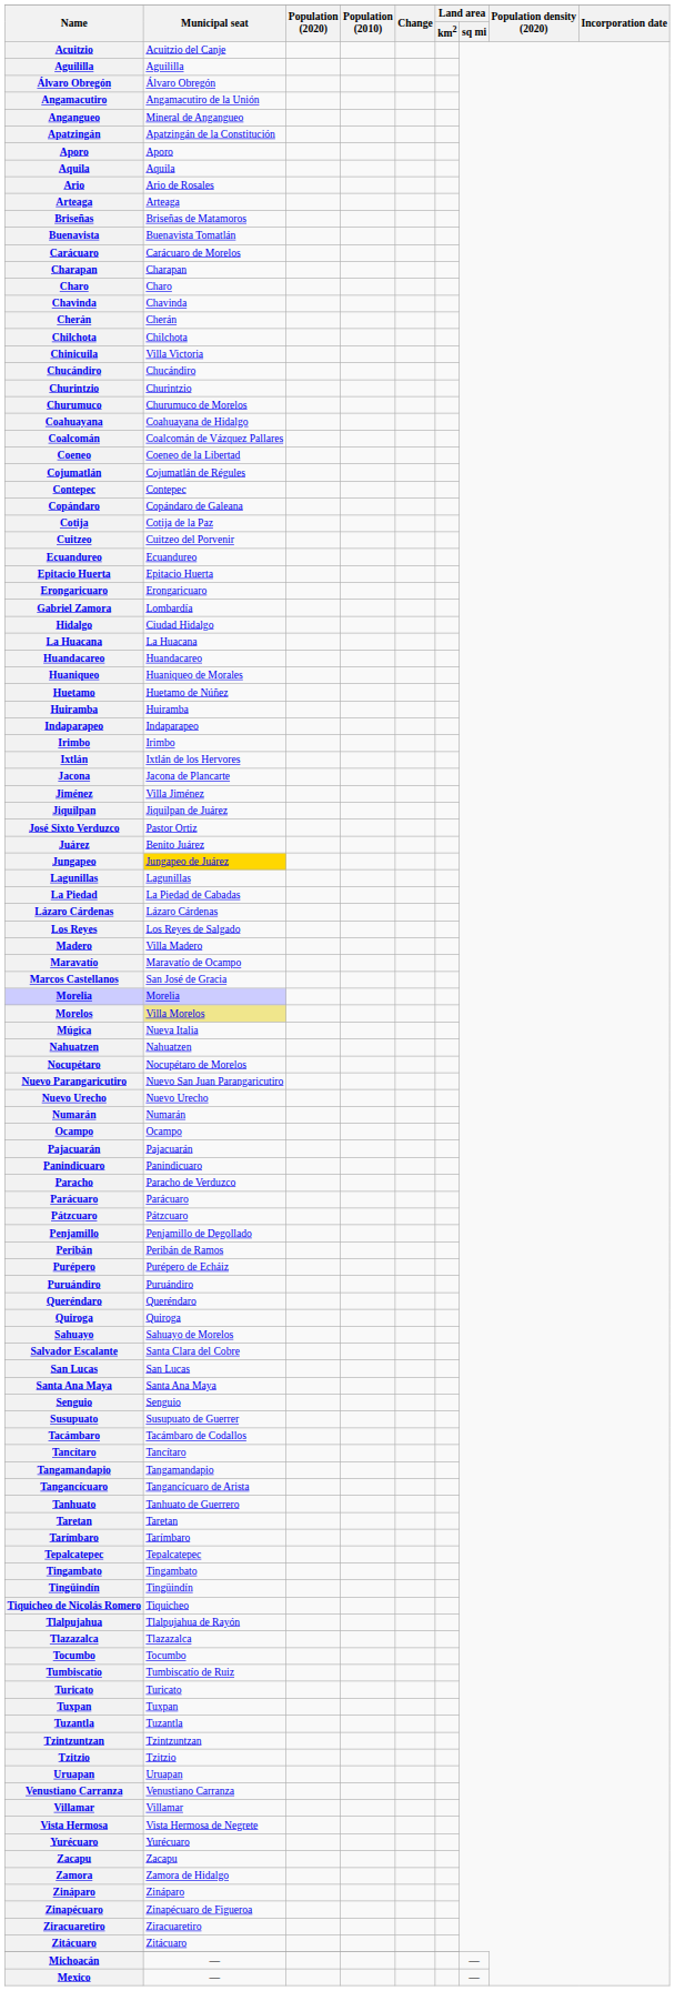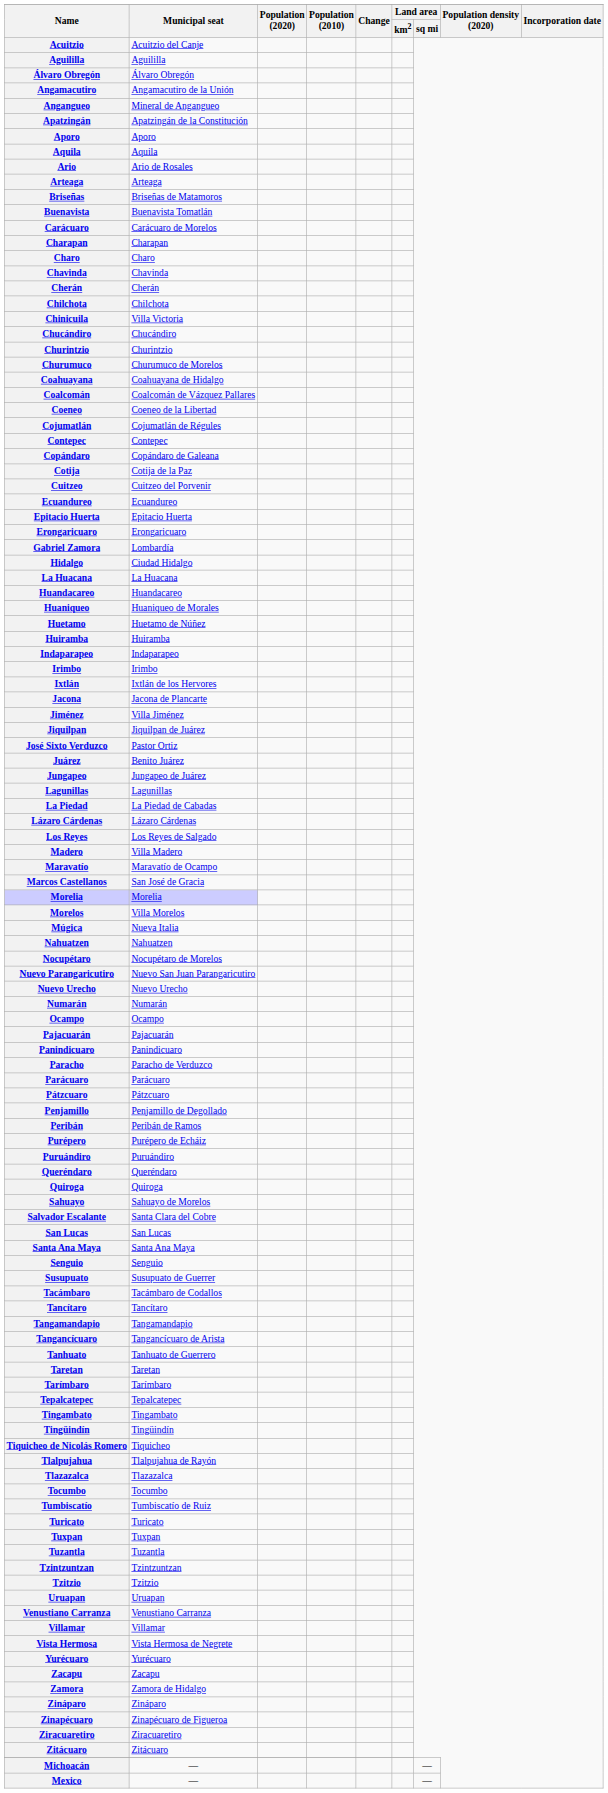 <table class="wikitable sortable" style="text-align:right;">
 <tr>
 </tr>
 <tr>
 <th scope="col"  rowspan=2>Name</th>
 <th scope="col"  rowspan=2>Municipal seat</th>
 <th scope="col"  rowspan=2>Population<br>(2020)</th>
 <th scope="col"  rowspan=2>Population<br>(2010)</th>
 <th scope="col"  rowspan=2>Change</th>
 <th scope="col" data-sort-type="number"  colspan=2>Land area</th>
 <th scope="col" data-sort-type="number"  rowspan=2>Population density<br>(2020)</th>
 <th scope="col"  rowspan=2>Incorporation date</th>
 </tr>
 <tr>
 <th scope="col">km<sup>2</sup></th>
 <th scope="col">sq mi</th>
 </tr>
 <tr>
 <th scope="row" align="left"><a href='#'>Acuitzio</a></th>
 <td align=left><a href='#'>Acuitzio del Canje</a></td>
 <td></td>
 <td></td>
 <td></td>
 <td></td>
 </tr>
 <tr>
 <th scope="row" align="left"><a href='#'>Aguililla</a></th>
 <td align=left><a href='#'>Aguililla</a></td>
 <td></td>
 <td></td>
 <td></td>
 <td></td>
 </tr>
 <tr>
 <th scope="row" align="left"><a href='#'>Álvaro Obregón</a></th>
 <td align=left><a href='#'>Álvaro Obregón</a></td>
 <td></td>
 <td></td>
 <td></td>
 <td></td>
 </tr>
 <tr>
 <th scope="row" align="left"><a href='#'>Angamacutiro</a></th>
 <td align=left><a href='#'>Angamacutiro de la Unión</a></td>
 <td></td>
 <td></td>
 <td></td>
 <td></td>
 </tr>
 <tr>
 <th scope="row" align="left"><a href='#'>Angangueo</a></th>
 <td align=left><a href='#'>Mineral de Angangueo</a></td>
 <td></td>
 <td></td>
 <td></td>
 <td></td>
 </tr>
 <tr>
 <th scope="row" align="left"><a href='#'>Apatzingán</a></th>
 <td align=left><a href='#'>Apatzingán de la Constitución</a></td>
 <td></td>
 <td></td>
 <td></td>
 <td></td>
 </tr>
 <tr>
 <th scope="row" align="left"><a href='#'>Aporo</a></th>
 <td align=left><a href='#'>Aporo</a></td>
 <td></td>
 <td></td>
 <td></td>
 <td></td>
 </tr>
 <tr>
 <th scope="row" align="left"><a href='#'>Aquila</a></th>
 <td align=left><a href='#'>Aquila</a></td>
 <td></td>
 <td></td>
 <td></td>
 <td></td>
 </tr>
 <tr>
 <th scope="row" align="left"><a href='#'>Ario</a></th>
 <td align=left><a href='#'>Ario de Rosales</a></td>
 <td></td>
 <td></td>
 <td></td>
 <td></td>
 </tr>
 <tr>
 <th scope="row" align="left"><a href='#'>Arteaga</a></th>
 <td align=left><a href='#'>Arteaga</a></td>
 <td></td>
 <td></td>
 <td></td>
 <td></td>
 </tr>
 <tr>
 <th scope="row" align="left"><a href='#'>Briseñas</a></th>
 <td align=left><a href='#'>Briseñas de Matamoros</a></td>
 <td></td>
 <td></td>
 <td></td>
 <td></td>
 </tr>
 <tr>
 <th scope="row" align="left"><a href='#'>Buenavista</a></th>
 <td align=left><a href='#'>Buenavista Tomatlán</a></td>
 <td></td>
 <td></td>
 <td></td>
 <td></td>
 </tr>
 <tr>
 <th scope="row" align="left"><a href='#'>Carácuaro</a></th>
 <td align=left><a href='#'>Carácuaro de Morelos</a></td>
 <td></td>
 <td></td>
 <td></td>
 <td></td>
 </tr>
 <tr>
 <th scope="row" align="left"><a href='#'>Charapan</a></th>
 <td align=left><a href='#'>Charapan</a></td>
 <td></td>
 <td></td>
 <td></td>
 <td></td>
 </tr>
 <tr>
 <th scope="row" align="left"><a href='#'>Charo</a></th>
 <td align=left><a href='#'>Charo</a></td>
 <td></td>
 <td></td>
 <td></td>
 <td></td>
 </tr>
 <tr>
 <th scope="row" align="left"><a href='#'>Chavinda</a></th>
 <td align=left><a href='#'>Chavinda</a></td>
 <td></td>
 <td></td>
 <td></td>
 <td></td>
 </tr>
 <tr>
 <th scope="row" align="left"><a href='#'>Cherán</a></th>
 <td align=left><a href='#'>Cherán</a></td>
 <td></td>
 <td></td>
 <td></td>
 <td></td>
 </tr>
 <tr>
 <th scope="row" align="left"><a href='#'>Chilchota</a></th>
 <td align=left><a href='#'>Chilchota</a></td>
 <td></td>
 <td></td>
 <td></td>
 <td></td>
 </tr>
 <tr>
 <th scope="row" align="left"><a href='#'>Chinicuila</a></th>
 <td align=left><a href='#'>Villa Victoria</a></td>
 <td></td>
 <td></td>
 <td></td>
 <td></td>
 </tr>
 <tr>
 <th scope="row" align="left"><a href='#'>Chucándiro</a></th>
 <td align=left><a href='#'>Chucándiro</a></td>
 <td></td>
 <td></td>
 <td></td>
 <td></td>
 </tr>
 <tr>
 <th scope="row" align="left"><a href='#'>Churintzio</a></th>
 <td align=left><a href='#'>Churintzio</a></td>
 <td></td>
 <td></td>
 <td></td>
 <td></td>
 </tr>
 <tr>
 <th scope="row" align="left"><a href='#'>Churumuco</a></th>
 <td align=left><a href='#'>Churumuco de Morelos</a></td>
 <td></td>
 <td></td>
 <td></td>
 <td></td>
 </tr>
 <tr>
 <th scope="row" align="left"><a href='#'>Coahuayana</a></th>
 <td align=left><a href='#'>Coahuayana de Hidalgo</a></td>
 <td></td>
 <td></td>
 <td></td>
 <td></td>
 </tr>
 <tr>
 <th scope="row" align="left"><a href='#'>Coalcomán</a></th>
 <td align=left><a href='#'>Coalcomán de Vázquez Pallares</a></td>
 <td></td>
 <td></td>
 <td></td>
 <td></td>
 </tr>
 <tr>
 <th scope="row" align="left"><a href='#'>Coeneo</a></th>
 <td align=left><a href='#'>Coeneo de la Libertad</a></td>
 <td></td>
 <td></td>
 <td></td>
 <td></td>
 </tr>
 <tr>
 <th scope="row" align="left"><a href='#'>Cojumatlán</a></th>
 <td align=left><a href='#'>Cojumatlán de Régules</a></td>
 <td></td>
 <td></td>
 <td></td>
 <td></td>
 </tr>
 <tr>
 <th scope="row" align="left"><a href='#'>Contepec</a></th>
 <td align=left><a href='#'>Contepec</a></td>
 <td></td>
 <td></td>
 <td></td>
 <td></td>
 </tr>
 <tr>
 <th scope="row" align="left"><a href='#'>Copándaro</a></th>
 <td align=left><a href='#'>Copándaro de Galeana</a></td>
 <td></td>
 <td></td>
 <td></td>
 <td></td>
 </tr>
 <tr>
 <th scope="row" align="left"><a href='#'>Cotija</a></th>
 <td align=left><a href='#'>Cotija de la Paz</a></td>
 <td></td>
 <td></td>
 <td></td>
 <td></td>
 </tr>
 <tr>
 <th scope="row" align="left"><a href='#'>Cuitzeo</a></th>
 <td align=left><a href='#'>Cuitzeo del Porvenir</a></td>
 <td></td>
 <td></td>
 <td></td>
 <td></td>
 </tr>
 <tr>
 <th scope="row" align="left"><a href='#'>Ecuandureo</a></th>
 <td align=left><a href='#'>Ecuandureo</a></td>
 <td></td>
 <td></td>
 <td></td>
 <td></td>
 </tr>
 <tr>
 <th scope="row" align="left"><a href='#'>Epitacio Huerta</a></th>
 <td align=left><a href='#'>Epitacio Huerta</a></td>
 <td></td>
 <td></td>
 <td></td>
 <td></td>
 </tr>
 <tr>
 <th scope="row" align="left"><a href='#'>Erongaricuaro</a></th>
 <td align=left><a href='#'>Erongaricuaro</a></td>
 <td></td>
 <td></td>
 <td></td>
 <td></td>
 </tr>
 <tr>
 <th scope="row" align="left"><a href='#'>Gabriel Zamora</a></th>
 <td align=left><a href='#'>Lombardía</a></td>
 <td></td>
 <td></td>
 <td></td>
 <td></td>
 </tr>
 <tr>
 <th scope="row" align="left"><a href='#'>Hidalgo</a></th>
 <td align=left><a href='#'>Ciudad Hidalgo</a></td>
 <td></td>
 <td></td>
 <td></td>
 <td></td>
 </tr>
 <tr>
 <th scope="row" align="left"><a href='#'>La Huacana</a></th>
 <td align=left><a href='#'>La Huacana</a></td>
 <td></td>
 <td></td>
 <td></td>
 <td></td>
 </tr>
 <tr>
 <th scope="row" align="left"><a href='#'>Huandacareo</a></th>
 <td align=left><a href='#'>Huandacareo</a></td>
 <td></td>
 <td></td>
 <td></td>
 <td></td>
 </tr>
 <tr>
 <th scope="row" align="left"><a href='#'>Huaniqueo</a></th>
 <td align=left><a href='#'>Huaniqueo de Morales</a></td>
 <td></td>
 <td></td>
 <td></td>
 <td></td>
 </tr>
 <tr>
 <th scope="row" align="left"><a href='#'>Huetamo</a></th>
 <td align=left><a href='#'>Huetamo de Núñez</a></td>
 <td></td>
 <td></td>
 <td></td>
 <td></td>
 </tr>
 <tr>
 <th scope="row" align="left"><a href='#'>Huiramba</a></th>
 <td align=left><a href='#'>Huiramba</a></td>
 <td></td>
 <td></td>
 <td></td>
 <td></td>
 </tr>
 <tr>
 <th scope="row" align="left"><a href='#'>Indaparapeo</a></th>
 <td align=left><a href='#'>Indaparapeo</a></td>
 <td></td>
 <td></td>
 <td></td>
 <td></td>
 </tr>
 <tr>
 <th scope="row" align="left"><a href='#'>Irimbo</a></th>
 <td align=left><a href='#'>Irimbo</a></td>
 <td></td>
 <td></td>
 <td></td>
 <td></td>
 </tr>
 <tr>
 <th scope="row" align="left"><a href='#'>Ixtlán</a></th>
 <td align=left><a href='#'>Ixtlán de los Hervores</a></td>
 <td></td>
 <td></td>
 <td></td>
 <td></td>
 </tr>
 <tr>
 <th scope="row" align="left"><a href='#'>Jacona</a></th>
 <td align=left><a href='#'>Jacona de Plancarte</a></td>
 <td></td>
 <td></td>
 <td></td>
 <td></td>
 </tr>
 <tr>
 <th scope="row" align="left"><a href='#'>Jiménez</a></th>
 <td align=left><a href='#'>Villa Jiménez</a></td>
 <td></td>
 <td></td>
 <td></td>
 <td></td>
 </tr>
 <tr>
 <th scope="row" align="left"><a href='#'>Jiquilpan</a></th>
 <td align=left><a href='#'>Jiquilpan de Juárez</a></td>
 <td></td>
 <td></td>
 <td></td>
 <td></td>
 </tr>
 <tr>
 <th scope="row" align="left"><a href='#'>José Sixto Verduzco</a></th>
 <td align=left><a href='#'>Pastor Ortiz</a></td>
 <td></td>
 <td></td>
 <td></td>
 <td></td>
 </tr>
 <tr>
 <th scope="row" align="left"><a href='#'>Juárez</a></th>
 <td align=left><a href='#'>Benito Juárez</a></td>
 <td></td>
 <td></td>
 <td></td>
 <td></td>
 </tr>
 <tr>
 <th scope="row" align="left"><a href='#'>Jungapeo</a></th>
-<td align=left style="background: gold;"><a href='#'>Jungapeo de Juárez</a></td>
+<td align=left><a href='#'>Jungapeo de Juárez</a></td>
 <td></td>
 <td></td>
 <td></td>
 <td></td>
 </tr>
 <tr>
 <th scope="row" align="left"><a href='#'>Lagunillas</a></th>
 <td align=left><a href='#'>Lagunillas</a></td>
 <td></td>
 <td></td>
 <td></td>
 <td></td>
 </tr>
 <tr>
 <th scope="row" align="left"><a href='#'>La Piedad</a></th>
 <td align=left><a href='#'>La Piedad de Cabadas</a></td>
 <td></td>
 <td></td>
 <td></td>
 <td></td>
 </tr>
 <tr>
 <th scope="row" align="left"><a href='#'>Lázaro Cárdenas</a></th>
 <td align=left><a href='#'>Lázaro Cárdenas</a></td>
 <td></td>
 <td></td>
 <td></td>
 <td></td>
 </tr>
 <tr>
 <th scope="row" align="left"><a href='#'>Los Reyes</a></th>
 <td align=left><a href='#'>Los Reyes de Salgado</a></td>
 <td></td>
 <td></td>
 <td></td>
 <td></td>
 </tr>
 <tr>
 <th scope="row" align="left"><a href='#'>Madero</a></th>
 <td align=left><a href='#'>Villa Madero</a></td>
 <td></td>
 <td></td>
 <td></td>
 <td></td>
 </tr>
 <tr>
 <th scope="row" align="left"><a href='#'>Maravatío</a></th>
 <td align=left><a href='#'>Maravatío de Ocampo</a></td>
 <td></td>
 <td></td>
 <td></td>
 <td></td>
 </tr>
 <tr>
 <th scope="row" align="left"><a href='#'>Marcos Castellanos</a></th>
 <td align=left><a href='#'>San José de Gracia</a></td>
 <td></td>
 <td></td>
 <td></td>
 <td></td>
 </tr>
 <tr>
 <th scope="row" align="left" style="background:#CCF;"><a href='#'>Morelia</a></th>
 <td align=left style="background:#CCF;"><a href='#'>Morelia</a></td>
 <td></td>
 <td></td>
 <td></td>
 <td></td>
 </tr>
 <tr>
 <th scope="row" align="left"><a href='#'>Morelos</a></th>
-<td align=left style="background: khaki;"><a href='#'>Villa Morelos</a></td>
+<td align=left><a href='#'>Villa Morelos</a></td>
 <td></td>
 <td></td>
 <td></td>
 <td></td>
 </tr>
 <tr>
 <th scope="row" align="left"><a href='#'>Múgica</a></th>
 <td align=left><a href='#'>Nueva Italia</a></td>
 <td></td>
 <td></td>
 <td></td>
 <td></td>
 </tr>
 <tr>
 <th scope="row" align="left"><a href='#'>Nahuatzen</a></th>
 <td align=left><a href='#'>Nahuatzen</a></td>
 <td></td>
 <td></td>
 <td></td>
 <td></td>
 </tr>
 <tr>
 <th scope="row" align="left"><a href='#'>Nocupétaro</a></th>
 <td align=left><a href='#'>Nocupétaro de Morelos</a></td>
 <td></td>
 <td></td>
 <td></td>
 <td></td>
 </tr>
 <tr>
 <th scope="row" align="left"><a href='#'>Nuevo Parangaricutiro</a></th>
 <td align=left><a href='#'>Nuevo San Juan Parangaricutiro</a></td>
 <td></td>
 <td></td>
 <td></td>
 <td></td>
 </tr>
 <tr>
 <th scope="row" align="left"><a href='#'>Nuevo Urecho</a></th>
 <td align=left><a href='#'>Nuevo Urecho</a></td>
 <td></td>
 <td></td>
 <td></td>
 <td></td>
 </tr>
 <tr>
 <th scope="row" align="left"><a href='#'>Numarán</a></th>
 <td align=left><a href='#'>Numarán</a></td>
 <td></td>
 <td></td>
 <td></td>
 <td></td>
 </tr>
 <tr>
 <th scope="row" align="left"><a href='#'>Ocampo</a></th>
 <td align=left><a href='#'>Ocampo</a></td>
 <td></td>
 <td></td>
 <td></td>
 <td></td>
 </tr>
 <tr>
 <th scope="row" align="left"><a href='#'>Pajacuarán</a></th>
 <td align=left><a href='#'>Pajacuarán</a></td>
 <td></td>
 <td></td>
 <td></td>
 <td></td>
 </tr>
 <tr>
 <th scope="row" align="left"><a href='#'>Panindicuaro</a></th>
 <td align=left><a href='#'>Panindicuaro</a></td>
 <td></td>
 <td></td>
 <td></td>
 <td></td>
 </tr>
 <tr>
 <th scope="row" align="left"><a href='#'>Paracho</a></th>
 <td align=left><a href='#'>Paracho de Verduzco</a></td>
 <td></td>
 <td></td>
 <td></td>
 <td></td>
 </tr>
 <tr>
 <th scope="row" align="left"><a href='#'>Parácuaro</a></th>
 <td align=left><a href='#'>Parácuaro</a></td>
 <td></td>
 <td></td>
 <td></td>
 <td></td>
 </tr>
 <tr>
 <th scope="row" align="left"><a href='#'>Pátzcuaro</a></th>
 <td align=left><a href='#'>Pátzcuaro</a></td>
 <td></td>
 <td></td>
 <td></td>
 <td></td>
 </tr>
 <tr>
 <th scope="row" align="left"><a href='#'>Penjamillo</a></th>
 <td align=left><a href='#'>Penjamillo de Degollado</a></td>
 <td></td>
 <td></td>
 <td></td>
 <td></td>
 </tr>
 <tr>
 <th scope="row" align="left"><a href='#'>Peribán</a></th>
 <td align=left><a href='#'>Peribán de Ramos</a></td>
 <td></td>
 <td></td>
 <td></td>
 <td></td>
 </tr>
 <tr>
 <th scope="row" align="left"><a href='#'>Purépero</a></th>
 <td align=left><a href='#'>Purépero de Echáiz</a></td>
 <td></td>
 <td></td>
 <td></td>
 <td></td>
 </tr>
 <tr>
 <th scope="row" align="left"><a href='#'>Puruándiro</a></th>
 <td align=left><a href='#'>Puruándiro</a></td>
 <td></td>
 <td></td>
 <td></td>
 <td></td>
 </tr>
 <tr>
 <th scope="row" align="left"><a href='#'>Queréndaro</a></th>
 <td align=left><a href='#'>Queréndaro</a></td>
 <td></td>
 <td></td>
 <td></td>
 <td></td>
 </tr>
 <tr>
 <th scope="row" align="left"><a href='#'>Quiroga</a></th>
 <td align=left><a href='#'>Quiroga</a></td>
 <td></td>
 <td></td>
 <td></td>
 <td></td>
 </tr>
 <tr>
 <th scope="row" align="left"><a href='#'>Sahuayo</a></th>
 <td align=left><a href='#'>Sahuayo de Morelos</a></td>
 <td></td>
 <td></td>
 <td></td>
 <td></td>
 </tr>
 <tr>
 <th scope="row" align="left"><a href='#'>Salvador Escalante</a></th>
 <td align=left><a href='#'>Santa Clara del Cobre</a></td>
 <td></td>
 <td></td>
 <td></td>
 <td></td>
 </tr>
 <tr>
 <th scope="row" align="left"><a href='#'>San Lucas</a></th>
 <td align=left><a href='#'>San Lucas</a></td>
 <td></td>
 <td></td>
 <td></td>
 <td></td>
 </tr>
 <tr>
 <th scope="row" align="left"><a href='#'>Santa Ana Maya</a></th>
 <td align=left><a href='#'>Santa Ana Maya</a></td>
 <td></td>
 <td></td>
 <td></td>
 <td></td>
 </tr>
 <tr>
 <th scope="row" align="left"><a href='#'>Senguio</a></th>
 <td align=left><a href='#'>Senguio</a></td>
 <td></td>
 <td></td>
 <td></td>
 <td></td>
 </tr>
 <tr>
 <th scope="row" align="left"><a href='#'>Susupuato</a></th>
 <td align=left><a href='#'>Susupuato de Guerrer</a></td>
 <td></td>
 <td></td>
 <td></td>
 <td></td>
 </tr>
 <tr>
 <th scope="row" align="left"><a href='#'>Tacámbaro</a></th>
 <td align=left><a href='#'>Tacámbaro de Codallos</a></td>
 <td></td>
 <td></td>
 <td></td>
 <td></td>
 </tr>
 <tr>
 <th scope="row" align="left"><a href='#'>Tancítaro</a></th>
 <td align=left><a href='#'>Tancítaro</a></td>
 <td></td>
 <td></td>
 <td></td>
 <td></td>
 </tr>
 <tr>
 <th scope="row" align="left"><a href='#'>Tangamandapio</a></th>
 <td align=left><a href='#'>Tangamandapio</a></td>
 <td></td>
 <td></td>
 <td></td>
 <td></td>
 </tr>
 <tr>
 <th scope="row" align="left"><a href='#'>Tangancícuaro</a></th>
 <td align=left><a href='#'>Tangancícuaro de Arista</a></td>
 <td></td>
 <td></td>
 <td></td>
 <td></td>
 </tr>
 <tr>
 <th scope="row" align="left"><a href='#'>Tanhuato</a></th>
 <td align=left><a href='#'>Tanhuato de Guerrero</a></td>
 <td></td>
 <td></td>
 <td></td>
 <td></td>
 </tr>
 <tr>
 <th scope="row" align="left"><a href='#'>Taretan</a></th>
 <td align=left><a href='#'>Taretan</a></td>
 <td></td>
 <td></td>
 <td></td>
 <td></td>
 </tr>
 <tr>
 <th scope="row" align="left"><a href='#'>Tarímbaro</a></th>
 <td align=left><a href='#'>Tarímbaro</a></td>
 <td></td>
 <td></td>
 <td></td>
 <td></td>
 </tr>
 <tr>
 <th scope="row" align="left"><a href='#'>Tepalcatepec</a></th>
 <td align=left><a href='#'>Tepalcatepec</a></td>
 <td></td>
 <td></td>
 <td></td>
 <td></td>
 </tr>
 <tr>
 <th scope="row" align="left"><a href='#'>Tingambato</a></th>
 <td align=left><a href='#'>Tingambato</a></td>
 <td></td>
 <td></td>
 <td></td>
 <td></td>
 </tr>
 <tr>
 <th scope="row" align="left"><a href='#'>Tingüindín</a></th>
 <td align=left><a href='#'>Tingüindín</a></td>
 <td></td>
 <td></td>
 <td></td>
 <td></td>
 </tr>
 <tr>
 <th scope="row" align="left"><a href='#'>Tiquicheo de Nicolás Romero</a></th>
 <td align=left><a href='#'>Tiquicheo</a></td>
 <td></td>
 <td></td>
 <td></td>
 <td></td>
 </tr>
 <tr>
 <th scope="row" align="left"><a href='#'>Tlalpujahua</a></th>
 <td align=left><a href='#'>Tlalpujahua de Rayón</a></td>
 <td></td>
 <td></td>
 <td></td>
 <td></td>
 </tr>
 <tr>
 <th scope="row" align="left"><a href='#'>Tlazazalca</a></th>
 <td align=left><a href='#'>Tlazazalca</a></td>
 <td></td>
 <td></td>
 <td></td>
 <td></td>
 </tr>
 <tr>
 <th scope="row" align="left"><a href='#'>Tocumbo</a></th>
 <td align=left><a href='#'>Tocumbo</a></td>
 <td></td>
 <td></td>
 <td></td>
 <td></td>
 </tr>
 <tr>
 <th scope="row" align="left"><a href='#'>Tumbiscatío</a></th>
 <td align=left><a href='#'>Tumbiscatío de Ruiz</a></td>
 <td></td>
 <td></td>
 <td></td>
 <td></td>
 </tr>
 <tr>
 <th scope="row" align="left"><a href='#'>Turicato</a></th>
 <td align=left><a href='#'>Turicato</a></td>
 <td></td>
 <td></td>
 <td></td>
 <td></td>
 </tr>
 <tr>
 <th scope="row" align="left"><a href='#'>Tuxpan</a></th>
 <td align=left><a href='#'>Tuxpan</a></td>
 <td></td>
 <td></td>
 <td></td>
 <td></td>
 </tr>
 <tr>
 <th scope="row" align="left"><a href='#'>Tuzantla</a></th>
 <td align=left><a href='#'>Tuzantla</a></td>
 <td></td>
 <td></td>
 <td></td>
 <td></td>
 </tr>
 <tr>
 <th scope="row" align="left"><a href='#'>Tzintzuntzan</a></th>
 <td align=left><a href='#'>Tzintzuntzan</a></td>
 <td></td>
 <td></td>
 <td></td>
 <td></td>
 </tr>
 <tr>
 <th scope="row" align="left"><a href='#'>Tzitzio</a></th>
 <td align=left><a href='#'>Tzitzio</a></td>
 <td></td>
 <td></td>
 <td></td>
 <td></td>
 </tr>
 <tr>
 <th scope="row" align="left"><a href='#'>Uruapan</a></th>
 <td align=left><a href='#'>Uruapan</a></td>
 <td></td>
 <td></td>
 <td></td>
 <td></td>
 </tr>
 <tr>
 <th scope="row" align="left"><a href='#'>Venustiano Carranza</a></th>
 <td align=left><a href='#'>Venustiano Carranza</a></td>
 <td></td>
 <td></td>
 <td></td>
 <td></td>
 </tr>
 <tr>
 <th scope="row" align="left"><a href='#'>Villamar</a></th>
 <td align=left><a href='#'>Villamar</a></td>
 <td></td>
 <td></td>
 <td></td>
 <td></td>
 </tr>
 <tr>
 <th scope="row" align="left"><a href='#'>Vista Hermosa</a></th>
 <td align=left><a href='#'>Vista Hermosa de Negrete</a></td>
 <td></td>
 <td></td>
 <td></td>
 <td></td>
 </tr>
 <tr>
 <th scope="row" align="left"><a href='#'>Yurécuaro</a></th>
 <td align=left><a href='#'>Yurécuaro</a></td>
 <td></td>
 <td></td>
 <td></td>
 <td></td>
 </tr>
 <tr>
 <th scope="row" align="left"><a href='#'>Zacapu</a></th>
 <td align=left><a href='#'>Zacapu</a></td>
 <td></td>
 <td></td>
 <td></td>
 <td></td>
 </tr>
 <tr>
 <th scope="row" align="left"><a href='#'>Zamora</a></th>
 <td align=left><a href='#'>Zamora de Hidalgo</a></td>
 <td></td>
 <td></td>
 <td></td>
 <td></td>
 </tr>
 <tr>
 <th scope="row" align="left"><a href='#'>Zináparo</a></th>
 <td align=left><a href='#'>Zináparo</a></td>
 <td></td>
 <td></td>
 <td></td>
 <td></td>
 </tr>
 <tr>
 <th scope="row" align="left"><a href='#'>Zinapécuaro</a></th>
 <td align=left><a href='#'>Zinapécuaro de Figueroa</a></td>
 <td></td>
 <td></td>
 <td></td>
 <td></td>
 </tr>
 <tr>
 <th scope="row" align="left"><a href='#'>Ziracuaretiro</a></th>
 <td align=left><a href='#'>Ziracuaretiro</a></td>
 <td></td>
 <td></td>
 <td></td>
 <td></td>
 </tr>
 <tr>
 <th scope="row" align="left"><a href='#'>Zitácuaro</a></th>
 <td align=left><a href='#'>Zitácuaro</a></td>
 <td></td>
 <td></td>
 <td></td>
 <td></td>
 </tr>
 <tr>
 </tr>
 <tr class="sortbottom" style="text-align:center;" style="background: #f2f2f2;">
 <th scope="row" align="left"><strong><a href='#'>Michoacán</a></strong></th>
 <td><strong>—</strong></td>
 <td></td>
 <td><strong></strong></td>
 <td><strong></strong></td>
 <td align="right"><strong></strong></td>
 <td><strong>—</strong></td>
 </tr>
 <tr class="sortbottom" style="text-align:center;" style="background: #f2f2f2;">
 <th scope="row" align="left"><strong><a href='#'>Mexico</a></strong></th>
 <td><strong>—</strong></td>
 <td></td>
 <td><strong></strong></td>
 <td><strong></strong></td>
 <td align="right"><strong></strong></td>
 <td><strong>—</strong></td>
 </tr>
 </table>
